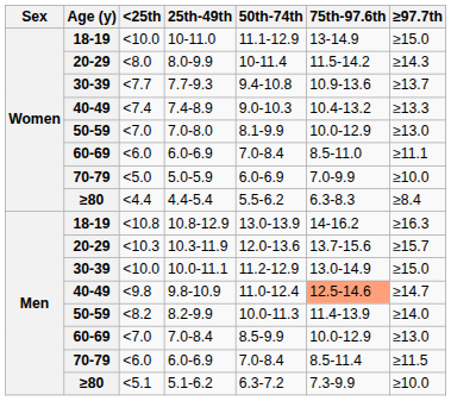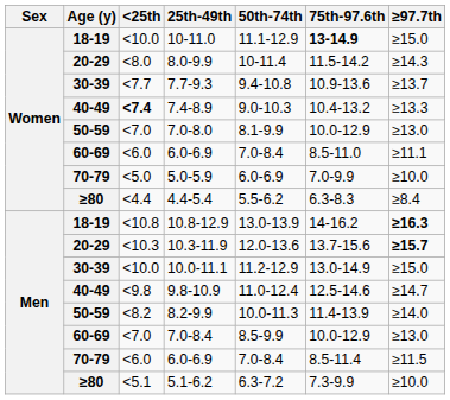 <table class="wikitable">
 <tr>
 <th>Sex</th>
 <th>Age (y)</th>
 <th><25th</th>
 <th>25th-49th</th>
 <th>50th-74th</th>
 <th>75th-97.6th</th>
 <th>≥97.7th</th>
 </tr>
 <tr>
 <th rowspan="8">Women</th>
 <th>18-19</th>
 <td><10.0</td>
 <td>10-11.0</td>
 <td>11.1-12.9</td>
-<td>13-14.9</td>
+<td><strong>13-14.9</strong></td>
 <td>≥15.0</td>
 </tr>
 <tr>
 <th>20-29</th>
 <td><8.0</td>
 <td>8.0-9.9</td>
 <td>10-11.4</td>
 <td>11.5-14.2</td>
 <td>≥14.3</td>
 </tr>
 <tr>
 <th>30-39</th>
 <td><7.7</td>
 <td>7.7-9.3</td>
 <td>9.4-10.8</td>
 <td>10.9-13.6</td>
 <td>≥13.7</td>
 </tr>
 <tr>
 <th>40-49</th>
-<td><7.4</td>
+<td><strong><7.4</strong></td>
 <td>7.4-8.9</td>
 <td>9.0-10.3</td>
 <td>10.4-13.2</td>
 <td>≥13.3</td>
 </tr>
 <tr>
 <th>50-59</th>
 <td><7.0</td>
 <td>7.0-8.0</td>
 <td>8.1-9.9</td>
 <td>10.0-12.9</td>
 <td>≥13.0</td>
 </tr>
 <tr>
 <th>60-69</th>
 <td><6.0</td>
 <td>6.0-6.9</td>
 <td>7.0-8.4</td>
 <td>8.5-11.0</td>
 <td>≥11.1</td>
 </tr>
 <tr>
 <th>70-79</th>
 <td><5.0</td>
 <td>5.0-5.9</td>
 <td>6.0-6.9</td>
 <td>7.0-9.9</td>
 <td>≥10.0</td>
 </tr>
 <tr>
 <th>≥80</th>
 <td><4.4</td>
 <td>4.4-5.4</td>
 <td>5.5-6.2</td>
 <td>6.3-8.3</td>
 <td>≥8.4</td>
 </tr>
 <tr>
 <th rowspan="8">Men</th>
 <th>18-19</th>
 <td><10.8</td>
 <td>10.8-12.9</td>
 <td>13.0-13.9</td>
 <td>14-16.2</td>
-<td>≥16.3</td>
+<td><strong>≥16.3</strong></td>
 </tr>
 <tr>
 <th>20-29</th>
 <td><10.3</td>
 <td>10.3-11.9</td>
 <td>12.0-13.6</td>
 <td>13.7-15.6</td>
-<td>≥15.7</td>
+<td><strong>≥15.7</strong></td>
 </tr>
 <tr>
 <th>30-39</th>
 <td><10.0</td>
 <td>10.0-11.1</td>
 <td>11.2-12.9</td>
 <td>13.0-14.9</td>
 <td>≥15.0</td>
 </tr>
 <tr>
 <th>40-49</th>
 <td><9.8</td>
 <td>9.8-10.9</td>
 <td>11.0-12.4</td>
-<td style="background: lightsalmon;">12.5-14.6</td>
+<td>12.5-14.6</td>
 <td>≥14.7</td>
 </tr>
 <tr>
 <th>50-59</th>
 <td><8.2</td>
 <td>8.2-9.9</td>
 <td>10.0-11.3</td>
 <td>11.4-13.9</td>
 <td>≥14.0</td>
 </tr>
 <tr>
 <th>60-69</th>
 <td><7.0</td>
 <td>7.0-8.4</td>
 <td>8.5-9.9</td>
 <td>10.0-12.9</td>
 <td>≥13.0</td>
 </tr>
 <tr>
 <th>70-79</th>
 <td><6.0</td>
 <td>6.0-6.9</td>
 <td>7.0-8.4</td>
 <td>8.5-11.4</td>
 <td>≥11.5</td>
 </tr>
 <tr>
 <th>≥80</th>
 <td><5.1</td>
 <td>5.1-6.2</td>
 <td>6.3-7.2</td>
 <td>7.3-9.9</td>
 <td>≥10.0</td>
 </tr>
 </table>
